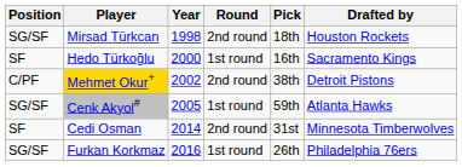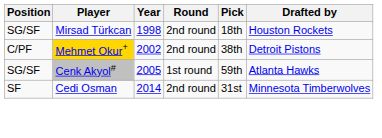 <table class="wikitable sortable" style="text-align: left;">
 <tr>
 <th>Position</th>
 <th>Player</th>
 <th>Year</th>
 <th>Round</th>
 <th>Pick</th>
 <th>Drafted by</th>
 </tr>
 <tr>
 <td>SG/SF</td>
 <td> <a href='#'>Mirsad Türkcan</a></td>
 <td><a href='#'>1998</a></td>
 <td>2nd round</td>
 <td>18th</td>
 <td><a href='#'>Houston Rockets</a></td>
-</tr>
-<tr>
-<td>SF</td>
-<td> <a href='#'>Hedo Türkoğlu</a></td>
-<td><a href='#'>2000</a></td>
-<td>1st round</td>
-<td>16th</td>
-<td><a href='#'>Sacramento Kings</a></td>
 </tr>
 <tr>
 <td>C/PF</td>
 <td style="background:gold;"> <a href='#'>Mehmet Okur</a><sup>+</sup></td>
 <td><a href='#'>2002</a></td>
 <td>2nd round</td>
 <td>38th</td>
 <td><a href='#'>Detroit Pistons</a></td>
 </tr>
 <tr>
 <td>SG/SF</td>
 <td style="background:silver;"> <a href='#'>Cenk Akyol</a><sup>#</sup></td>
 <td><a href='#'>2005</a></td>
 <td>1st round</td>
 <td>59th</td>
 <td><a href='#'>Atlanta Hawks</a></td>
 </tr>
 <tr>
 <td>SF</td>
 <td> <a href='#'>Cedi Osman</a></td>
 <td><a href='#'>2014</a></td>
 <td>2nd round</td>
 <td>31st</td>
 <td><a href='#'>Minnesota Timberwolves</a></td>
 </tr>
-<tr>
-<td>SG/SF</td>
-<td> <a href='#'>Furkan Korkmaz</a></td>
-<td><a href='#'>2016</a></td>
-<td>1st round</td>
-<td>26th</td>
-<td><a href='#'>Philadelphia 76ers</a></td>
-</tr>
 </table>
